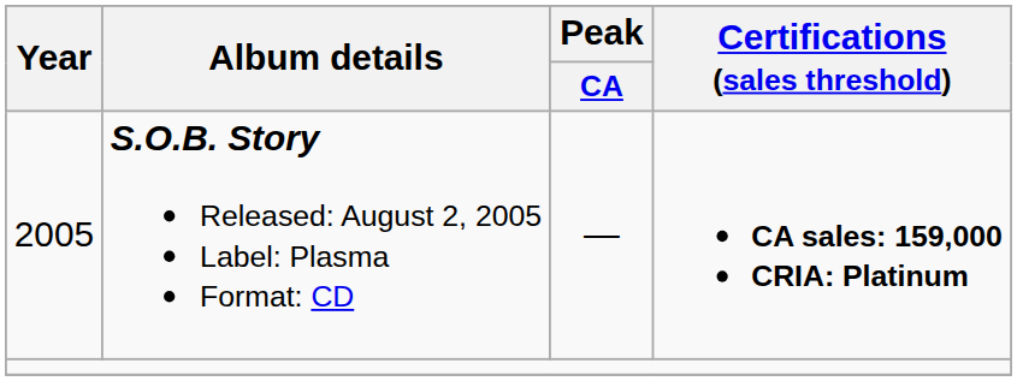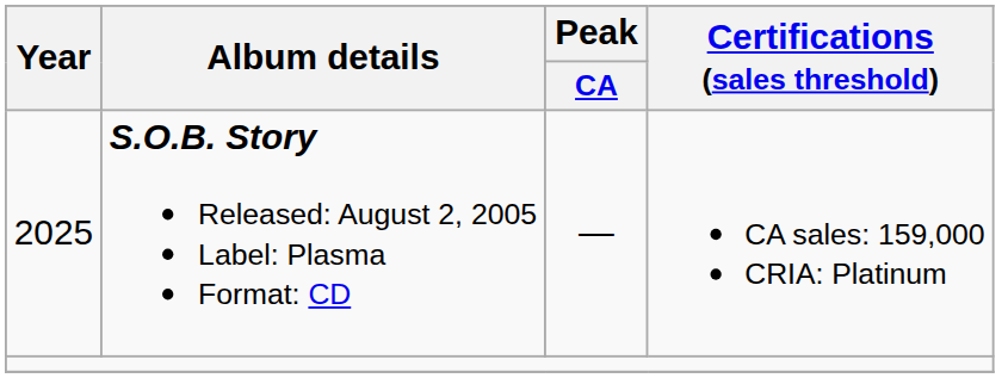 <table class="wikitable" style="text-align:center;">
 <tr>
 <th rowspan="2">Year</th>
 <th rowspan="2">Album details</th>
 <th colspan="1">Peak</th>
 <th rowspan="2"><a href='#'>Certifications</a><br><small>(<a href='#'>sales threshold</a>)</small></th>
 </tr>
 <tr style="font-size:smaller;">
 <th width="40"><a href='#'>CA</a></th>
 </tr>
 <tr>
-<td>2005</td>
+<td>2025</td>
 <td align="left"><strong><em>S.O.B. Story</em></strong><br><ul><li><small>Released: August 2, 2005</small></li><li><small>Label: Plasma</small></li><li><small>Format: <a href='#'>CD</a></small></li></ul></td>
 <td>—</td>
-<td align="left"><strong><br><ul><li><small>CA sales: 159,000</small></li><li><small>CRIA: Platinum</small></li></ul></strong></td>
+<td align="left"><br><ul><li><small>CA sales: 159,000</small></li><li><small>CRIA: Platinum</small></li></ul></td>
 </tr>
 <tr>
 <td colspan="10"></td>
 </tr>
 <tr>
 </tr>
 </table>
